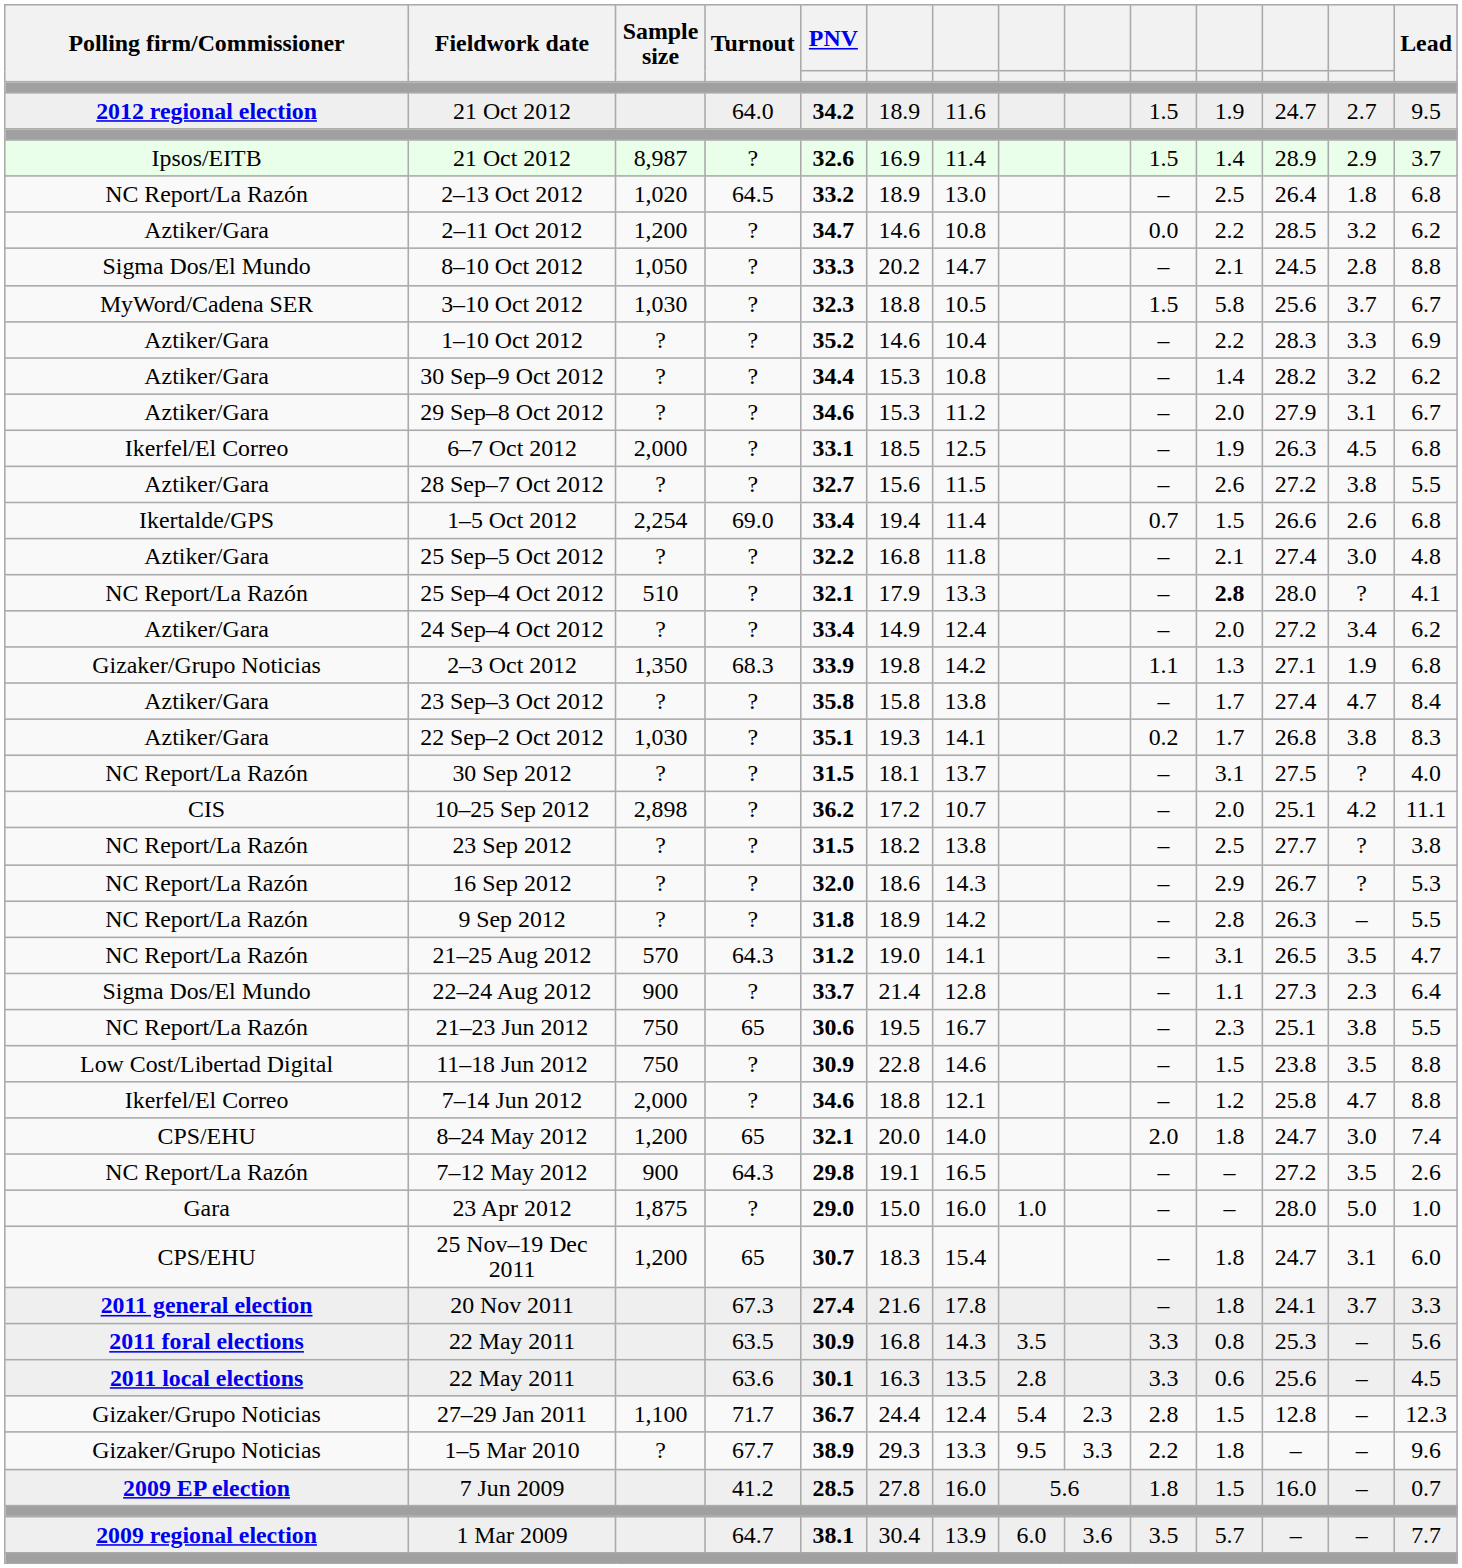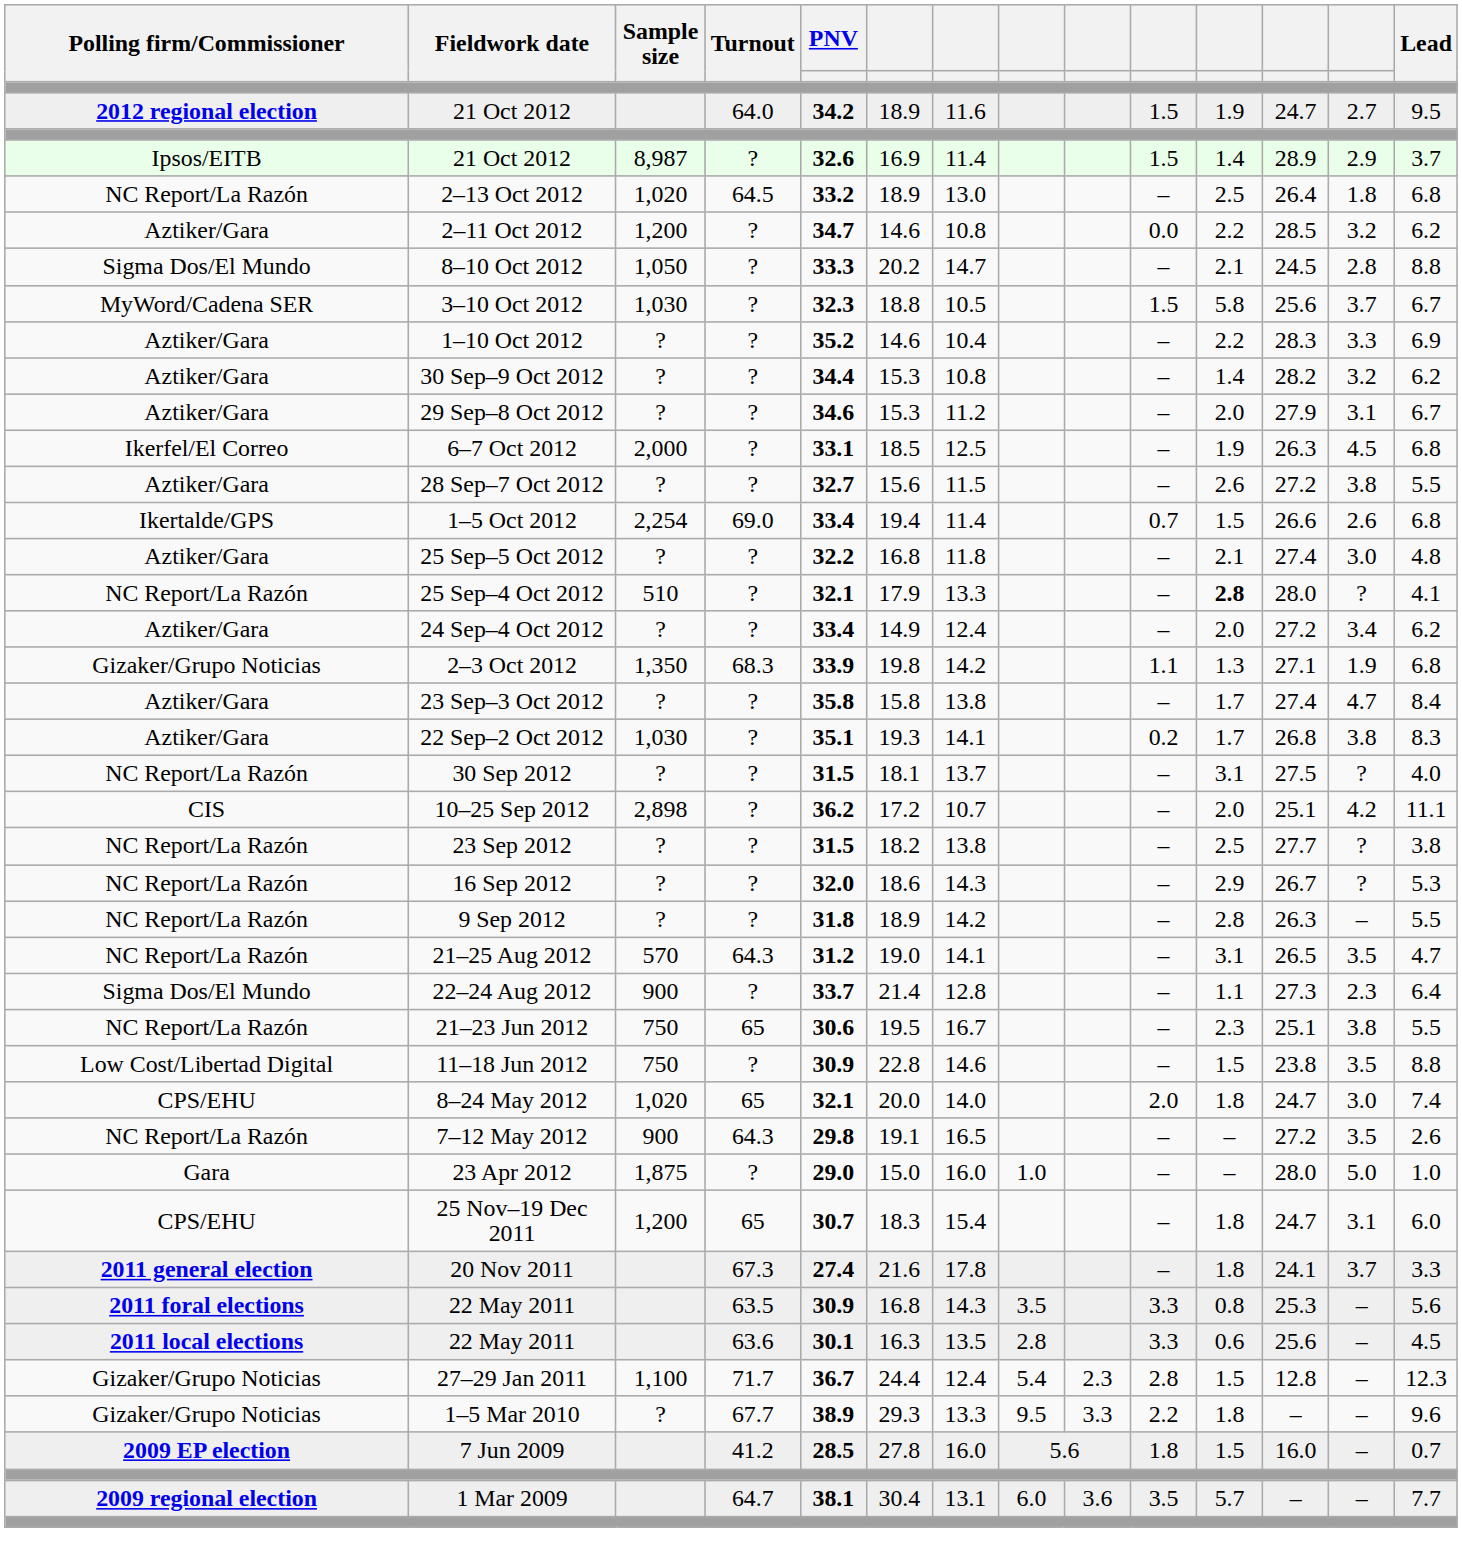 <table class="wikitable collapsible collapsed" style="text-align:center; font-size:95%; line-height:16px;">
 <tr style="height:42px;">
 <th style="width:250px;" rowspan="2">Polling firm/Commissioner</th>
 <th style="width:125px;" rowspan="2">Fieldwork date</th>
 <th style="width:50px;" rowspan="2">Sample size</th>
 <th style="width:45px;" rowspan="2">Turnout</th>
 <th style="width:35px;"><a href='#'>PNV</a></th>
 <th style="width:35px;"></th>
 <th style="width:35px;"></th>
 <th style="width:35px;"></th>
 <th style="width:35px;"></th>
 <th style="width:35px;"></th>
 <th style="width:35px;"></th>
 <th style="width:35px;"></th>
 <th style="width:35px;"></th>
 <th style="width:30px;" rowspan="2">Lead</th>
 </tr>
 <tr>
 <th style="color:inherit;background:"></th>
 <th style="color:inherit;background:"></th>
 <th style="color:inherit;background:"></th>
 <th style="color:inherit;background:"></th>
 <th style="color:inherit;background:"></th>
 <th style="color:inherit;background:"></th>
 <th style="color:inherit;background:"></th>
 <th style="color:inherit;background:"></th>
 <th style="color:inherit;background:"></th>
 </tr>
 <tr>
 <td colspan="14" style="background:#A0A0A0"></td>
 </tr>
 <tr style="background:#EFEFEF;">
 <td><strong><a href='#'>2012 regional election</a></strong></td>
 <td>21 Oct 2012</td>
 <td></td>
 <td>64.0</td>
 <td><strong>34.2</strong><br></td>
 <td>18.9<br></td>
 <td>11.6<br></td>
 <td></td>
 <td></td>
 <td>1.5<br></td>
 <td>1.9<br></td>
 <td>24.7<br></td>
 <td>2.7<br></td>
 <td style="background:">9.5</td>
 </tr>
 <tr>
 <td colspan="14" style="background:#A0A0A0"></td>
 </tr>
 <tr style="background:#EAFFEA;">
 <td>Ipsos/EITB</td>
 <td>21 Oct 2012</td>
 <td>8,987</td>
 <td>?</td>
 <td><strong>32.6</strong><br></td>
 <td>16.9<br></td>
 <td>11.4<br></td>
 <td></td>
 <td></td>
 <td>1.5<br></td>
 <td>1.4<br></td>
 <td>28.9<br></td>
 <td>2.9<br></td>
 <td style="background:">3.7</td>
 </tr>
 <tr>
 <td>NC Report/La Razón</td>
 <td>2–13 Oct 2012</td>
 <td>1,020</td>
 <td>64.5</td>
 <td><strong>33.2</strong><br></td>
 <td>18.9<br></td>
 <td>13.0<br></td>
 <td></td>
 <td></td>
 <td>–</td>
 <td>2.5<br></td>
 <td>26.4<br></td>
 <td>1.8<br></td>
 <td style="background:">6.8</td>
 </tr>
 <tr>
 <td>Aztiker/Gara</td>
 <td>2–11 Oct 2012</td>
 <td>1,200</td>
 <td>?</td>
 <td><strong>34.7</strong><br></td>
 <td>14.6<br></td>
 <td>10.8<br></td>
 <td></td>
 <td></td>
 <td>0.0<br></td>
 <td>2.2<br></td>
 <td>28.5<br></td>
 <td>3.2<br></td>
 <td style="background:">6.2</td>
 </tr>
 <tr>
 <td>Sigma Dos/El Mundo</td>
 <td>8–10 Oct 2012</td>
 <td>1,050</td>
 <td>?</td>
 <td><strong>33.3</strong><br></td>
 <td>20.2<br></td>
 <td>14.7<br></td>
 <td></td>
 <td></td>
 <td>–</td>
 <td>2.1<br></td>
 <td>24.5<br></td>
 <td>2.8<br></td>
 <td style="background:">8.8</td>
 </tr>
 <tr>
 <td>MyWord/Cadena SER</td>
 <td>3–10 Oct 2012</td>
 <td>1,030</td>
 <td>?</td>
 <td><strong>32.3</strong><br></td>
 <td>18.8<br></td>
 <td>10.5<br></td>
 <td></td>
 <td></td>
 <td>1.5<br></td>
 <td>5.8<br></td>
 <td>25.6<br></td>
 <td>3.7<br></td>
 <td style="background:">6.7</td>
 </tr>
 <tr>
 <td>Aztiker/Gara</td>
 <td>1–10 Oct 2012</td>
 <td>?</td>
 <td>?</td>
 <td><strong>35.2</strong><br></td>
 <td>14.6<br></td>
 <td>10.4<br></td>
 <td></td>
 <td></td>
 <td>–</td>
 <td>2.2<br></td>
 <td>28.3<br></td>
 <td>3.3<br></td>
 <td style="background:">6.9</td>
 </tr>
 <tr>
 <td>Aztiker/Gara</td>
 <td>30 Sep–9 Oct 2012</td>
 <td>?</td>
 <td>?</td>
 <td><strong>34.4</strong><br></td>
 <td>15.3<br></td>
 <td>10.8<br></td>
 <td></td>
 <td></td>
 <td>–</td>
 <td>1.4<br></td>
 <td>28.2<br></td>
 <td>3.2<br></td>
 <td style="background:">6.2</td>
 </tr>
 <tr>
 <td>Aztiker/Gara</td>
 <td>29 Sep–8 Oct 2012</td>
 <td>?</td>
 <td>?</td>
 <td><strong>34.6</strong><br></td>
 <td>15.3<br></td>
 <td>11.2<br></td>
 <td></td>
 <td></td>
 <td>–</td>
 <td>2.0<br></td>
 <td>27.9<br></td>
 <td>3.1<br></td>
 <td style="background:">6.7</td>
 </tr>
 <tr>
 <td>Ikerfel/El Correo</td>
 <td>6–7 Oct 2012</td>
 <td>2,000</td>
 <td>?</td>
 <td><strong>33.1</strong><br></td>
 <td>18.5<br></td>
 <td>12.5<br></td>
 <td></td>
 <td></td>
 <td>–</td>
 <td>1.9<br></td>
 <td>26.3<br></td>
 <td>4.5<br></td>
 <td style="background:">6.8</td>
 </tr>
 <tr>
 <td>Aztiker/Gara</td>
 <td>28 Sep–7 Oct 2012</td>
 <td>?</td>
 <td>?</td>
 <td><strong>32.7</strong><br></td>
 <td>15.6<br></td>
 <td>11.5<br></td>
 <td></td>
 <td></td>
 <td>–</td>
 <td>2.6<br></td>
 <td>27.2<br></td>
 <td>3.8<br></td>
 <td style="background:">5.5</td>
 </tr>
 <tr>
 <td>Ikertalde/GPS</td>
 <td>1–5 Oct 2012</td>
 <td>2,254</td>
 <td>69.0</td>
 <td><strong>33.4</strong><br></td>
 <td>19.4<br></td>
 <td>11.4<br></td>
 <td></td>
 <td></td>
 <td>0.7<br></td>
 <td>1.5<br></td>
 <td>26.6<br></td>
 <td>2.6<br></td>
 <td style="background:">6.8</td>
 </tr>
 <tr>
 <td>Aztiker/Gara</td>
 <td>25 Sep–5 Oct 2012</td>
 <td>?</td>
 <td>?</td>
 <td><strong>32.2</strong><br></td>
 <td>16.8<br></td>
 <td>11.8<br></td>
 <td></td>
 <td></td>
 <td>–</td>
 <td>2.1<br></td>
 <td>27.4<br></td>
 <td>3.0<br></td>
 <td style="background:">4.8</td>
 </tr>
 <tr>
 <td>NC Report/La Razón</td>
 <td>25 Sep–4 Oct 2012</td>
 <td>510</td>
 <td>?</td>
 <td><strong>32.1</strong><br></td>
 <td>17.9<br></td>
 <td>13.3<br></td>
 <td></td>
 <td></td>
 <td>–</td>
 <td><strong>2.8<br></strong></td>
 <td>28.0<br></td>
 <td>?<br></td>
 <td style="background:">4.1</td>
 </tr>
 <tr>
 <td>Aztiker/Gara</td>
 <td>24 Sep–4 Oct 2012</td>
 <td>?</td>
 <td>?</td>
 <td><strong>33.4</strong><br></td>
 <td>14.9<br></td>
 <td>12.4<br></td>
 <td></td>
 <td></td>
 <td>–</td>
 <td>2.0<br></td>
 <td>27.2<br></td>
 <td>3.4<br></td>
 <td style="background:">6.2</td>
 </tr>
 <tr>
 <td>Gizaker/Grupo Noticias</td>
 <td>2–3 Oct 2012</td>
 <td>1,350</td>
 <td>68.3</td>
 <td><strong>33.9</strong><br></td>
 <td>19.8<br></td>
 <td>14.2<br></td>
 <td></td>
 <td></td>
 <td>1.1<br></td>
 <td>1.3<br></td>
 <td>27.1<br></td>
 <td>1.9<br></td>
 <td style="background:">6.8</td>
 </tr>
 <tr>
 <td>Aztiker/Gara</td>
 <td>23 Sep–3 Oct 2012</td>
 <td>?</td>
 <td>?</td>
 <td><strong>35.8</strong><br></td>
 <td>15.8<br></td>
 <td>13.8<br></td>
 <td></td>
 <td></td>
 <td>–</td>
 <td>1.7<br></td>
 <td>27.4<br></td>
 <td>4.7<br></td>
 <td style="background:">8.4</td>
 </tr>
 <tr>
 <td>Aztiker/Gara</td>
 <td>22 Sep–2 Oct 2012</td>
 <td>1,030</td>
 <td>?</td>
 <td><strong>35.1</strong><br></td>
 <td>19.3<br></td>
 <td>14.1<br></td>
 <td></td>
 <td></td>
 <td>0.2<br></td>
 <td>1.7<br></td>
 <td>26.8<br></td>
 <td>3.8<br></td>
 <td style="background:">8.3</td>
 </tr>
 <tr>
 <td>NC Report/La Razón</td>
 <td>30 Sep 2012</td>
 <td>?</td>
 <td>?</td>
 <td><strong>31.5</strong><br></td>
 <td>18.1<br></td>
 <td>13.7<br></td>
 <td></td>
 <td></td>
 <td>–</td>
 <td>3.1<br></td>
 <td>27.5<br></td>
 <td>?<br></td>
 <td style="background:">4.0</td>
 </tr>
 <tr>
 <td>CIS</td>
 <td>10–25 Sep 2012</td>
 <td>2,898</td>
 <td>?</td>
 <td><strong>36.2</strong><br></td>
 <td>17.2<br></td>
 <td>10.7<br></td>
 <td></td>
 <td></td>
 <td>–</td>
 <td>2.0<br></td>
 <td>25.1<br></td>
 <td>4.2<br></td>
 <td style="background:">11.1</td>
 </tr>
 <tr>
 <td>NC Report/La Razón</td>
 <td>23 Sep 2012</td>
 <td>?</td>
 <td>?</td>
 <td><strong>31.5</strong><br></td>
 <td>18.2<br></td>
 <td>13.8<br></td>
 <td></td>
 <td></td>
 <td>–</td>
 <td>2.5<br></td>
 <td>27.7<br></td>
 <td>?<br></td>
 <td style="background:">3.8</td>
 </tr>
 <tr>
 <td>NC Report/La Razón</td>
 <td>16 Sep 2012</td>
 <td>?</td>
 <td>?</td>
 <td><strong>32.0</strong><br></td>
 <td>18.6<br></td>
 <td>14.3<br></td>
 <td></td>
 <td></td>
 <td>–</td>
 <td>2.9<br></td>
 <td>26.7<br></td>
 <td>?<br></td>
 <td style="background:">5.3</td>
 </tr>
 <tr>
 <td>NC Report/La Razón</td>
 <td>9 Sep 2012</td>
 <td>?</td>
 <td>?</td>
 <td><strong>31.8</strong></td>
 <td>18.9</td>
 <td>14.2</td>
 <td></td>
 <td></td>
 <td>–</td>
 <td>2.8</td>
 <td>26.3</td>
 <td>–</td>
 <td style="background:">5.5</td>
 </tr>
 <tr>
 <td>NC Report/La Razón</td>
 <td>21–25 Aug 2012</td>
 <td>570</td>
 <td>64.3</td>
 <td><strong>31.2</strong><br></td>
 <td>19.0<br></td>
 <td>14.1<br></td>
 <td></td>
 <td></td>
 <td>–</td>
 <td>3.1<br></td>
 <td>26.5<br></td>
 <td>3.5<br></td>
 <td style="background:">4.7</td>
 </tr>
 <tr>
 <td>Sigma Dos/El Mundo</td>
 <td>22–24 Aug 2012</td>
 <td>900</td>
 <td>?</td>
 <td><strong>33.7</strong><br></td>
 <td>21.4<br></td>
 <td>12.8<br></td>
 <td></td>
 <td></td>
 <td>–</td>
 <td>1.1<br></td>
 <td>27.3<br></td>
 <td>2.3<br></td>
 <td style="background:">6.4</td>
 </tr>
 <tr>
 <td>NC Report/La Razón</td>
 <td>21–23 Jun 2012</td>
 <td>750</td>
 <td>65</td>
 <td><strong>30.6</strong><br></td>
 <td>19.5<br></td>
 <td>16.7<br></td>
 <td></td>
 <td></td>
 <td>–</td>
 <td>2.3<br></td>
 <td>25.1<br></td>
 <td>3.8<br></td>
 <td style="background:">5.5</td>
 </tr>
 <tr>
 <td>Low Cost/Libertad Digital</td>
 <td>11–18 Jun 2012</td>
 <td>750</td>
 <td>?</td>
 <td><strong>30.9</strong><br></td>
 <td>22.8<br></td>
 <td>14.6<br></td>
 <td></td>
 <td></td>
 <td>–</td>
 <td>1.5<br></td>
 <td>23.8<br></td>
 <td>3.5<br></td>
 <td style="background:">8.8</td>
 </tr>
 <tr>
-<td>Ikerfel/El Correo</td>
-<td>7–14 Jun 2012</td>
-<td>2,000</td>
-<td>?</td>
-<td><strong>34.6</strong><br></td>
-<td>18.8<br></td>
-<td>12.1<br></td>
-<td></td>
-<td></td>
-<td>–</td>
-<td>1.2<br></td>
-<td>25.8<br></td>
-<td>4.7<br></td>
-<td style="background:">8.8</td>
-</tr>
-<tr>
 <td>CPS/EHU</td>
 <td>8–24 May 2012</td>
-<td>1,200</td>
+<td>1,020</td>
 <td>65</td>
 <td><strong>32.1</strong><br></td>
 <td>20.0<br></td>
 <td>14.0<br></td>
 <td></td>
 <td></td>
 <td>2.0<br></td>
 <td>1.8<br></td>
 <td>24.7<br></td>
 <td>3.0<br></td>
 <td style="background:">7.4</td>
 </tr>
 <tr>
 <td>NC Report/La Razón</td>
 <td>7–12 May 2012</td>
 <td>900</td>
 <td>64.3</td>
 <td><strong>29.8</strong><br></td>
 <td>19.1<br></td>
 <td>16.5<br></td>
 <td></td>
 <td></td>
 <td>–</td>
 <td>–</td>
 <td>27.2<br></td>
 <td>3.5<br></td>
 <td style="background:">2.6</td>
 </tr>
 <tr>
 <td>Gara</td>
 <td>23 Apr 2012</td>
 <td>1,875</td>
 <td>?</td>
 <td><strong>29.0</strong><br></td>
 <td>15.0<br></td>
 <td>16.0<br></td>
 <td>1.0<br></td>
 <td></td>
 <td>–</td>
 <td>–</td>
 <td>28.0<br></td>
 <td>5.0<br></td>
 <td style="background:">1.0</td>
 </tr>
 <tr>
 <td>CPS/EHU</td>
 <td>25 Nov–19 Dec 2011</td>
 <td>1,200</td>
 <td>65</td>
 <td><strong>30.7</strong><br></td>
 <td>18.3<br></td>
 <td>15.4<br></td>
 <td></td>
 <td></td>
 <td>–</td>
 <td>1.8<br></td>
 <td>24.7<br></td>
 <td>3.1<br></td>
 <td style="background:">6.0</td>
 </tr>
 <tr style="background:#EFEFEF;">
 <td><strong><a href='#'>2011 general election</a></strong></td>
 <td>20 Nov 2011</td>
 <td></td>
 <td>67.3</td>
 <td><strong>27.4</strong><br></td>
 <td>21.6<br></td>
 <td>17.8<br></td>
 <td></td>
 <td></td>
 <td>–</td>
 <td>1.8<br></td>
 <td>24.1<br></td>
 <td>3.7<br></td>
 <td style="background:">3.3</td>
 </tr>
 <tr style="background:#EFEFEF;">
 <td><strong><a href='#'>2011 foral elections</a></strong></td>
 <td>22 May 2011</td>
 <td></td>
 <td>63.5</td>
 <td><strong>30.9</strong><br></td>
 <td>16.8<br></td>
 <td>14.3<br></td>
 <td>3.5<br></td>
 <td></td>
 <td>3.3<br></td>
 <td>0.8<br></td>
 <td>25.3<br></td>
 <td>–</td>
 <td style="background:">5.6</td>
 </tr>
 <tr style="background:#EFEFEF;">
 <td><strong><a href='#'>2011 local elections</a></strong></td>
 <td>22 May 2011</td>
 <td></td>
 <td>63.6</td>
 <td><strong>30.1</strong></td>
 <td>16.3</td>
 <td>13.5</td>
 <td>2.8</td>
 <td></td>
 <td>3.3</td>
 <td>0.6</td>
 <td>25.6</td>
 <td>–</td>
 <td style="background:">4.5</td>
 </tr>
 <tr>
 <td>Gizaker/Grupo Noticias</td>
 <td>27–29 Jan 2011</td>
 <td>1,100</td>
 <td>71.7</td>
 <td><strong>36.7</strong><br></td>
 <td>24.4<br></td>
 <td>12.4<br></td>
 <td>5.4<br></td>
 <td>2.3<br></td>
 <td>2.8<br></td>
 <td>1.5<br></td>
 <td>12.8<br></td>
 <td>–</td>
 <td style="background:">12.3</td>
 </tr>
 <tr>
 <td>Gizaker/Grupo Noticias</td>
 <td>1–5 Mar 2010</td>
 <td>?</td>
 <td>67.7</td>
 <td><strong>38.9</strong><br></td>
 <td>29.3<br></td>
 <td>13.3<br></td>
 <td>9.5<br></td>
 <td>3.3<br></td>
 <td>2.2<br></td>
 <td>1.8<br></td>
 <td>–</td>
 <td>–</td>
 <td style="background:">9.6</td>
 </tr>
 <tr style="background:#EFEFEF;">
 <td><strong><a href='#'>2009 EP election</a></strong></td>
 <td>7 Jun 2009</td>
 <td></td>
 <td>41.2</td>
 <td><strong>28.5</strong><br></td>
 <td>27.8<br></td>
 <td>16.0<br></td>
 <td colspan="2">5.6<br></td>
 <td>1.8<br></td>
 <td>1.5<br></td>
 <td>16.0<br></td>
 <td>–</td>
 <td style="background:">0.7</td>
 </tr>
 <tr>
 <td colspan="14" style="background:#A0A0A0"></td>
 </tr>
 <tr style="background:#EFEFEF;">
 <td><strong><a href='#'>2009 regional election</a></strong></td>
 <td>1 Mar 2009</td>
 <td></td>
 <td>64.7</td>
 <td><strong>38.1</strong><br></td>
 <td>30.4<br></td>
-<td>13.9<br></td>
+<td>13.1<br></td>
 <td>6.0<br></td>
 <td>3.6<br></td>
 <td>3.5<br></td>
 <td>5.7<br></td>
 <td>–</td>
 <td>–</td>
 <td style="background:">7.7</td>
 </tr>
 <tr>
 <td colspan="14" style="background:#A0A0A0"></td>
 </tr>
 </table>
